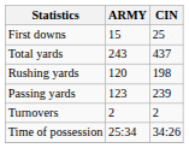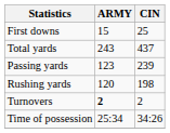 <table class="wikitable" style="float: left;">
 <tr>
 <th>Statistics</th>
 <th>ARMY</th>
 <th>CIN</th>
 </tr>
 <tr>
 <td>First downs</td>
 <td>15</td>
 <td>25</td>
 </tr>
 <tr>
 <td>Total yards</td>
 <td>243</td>
 <td>437</td>
 </tr>
 <tr>
+<td>Passing yards</td>
+<td>123</td>
+<td>239</td>
+</tr>
+<tr>
 <td>Rushing yards</td>
 <td>120</td>
 <td>198</td>
 </tr>
 <tr>
-<td>Passing yards</td>
-<td>123</td>
-<td>239</td>
-</tr>
-<tr>
 <td>Turnovers</td>
-<td>2</td>
+<td><strong>2</strong></td>
 <td>2</td>
 </tr>
 <tr>
 <td>Time of possession</td>
 <td>25:34</td>
 <td>34:26</td>
 </tr>
 <tr>
 </tr>
 </table>
